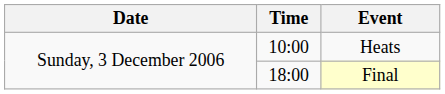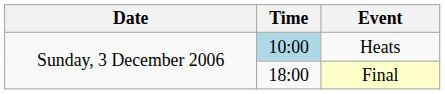 <table class = "wikitable" style="text-align:center;">
 <tr>
 <th width=220>Date</th>
 <th width=50>Time</th>
 <th width=100>Event</th>
 </tr>
 <tr>
 <td rowspan=2>Sunday, 3 December 2006</td>
-<td>10:00</td>
+<td style="background: lightblue;">10:00</td>
 <td>Heats</td>
 </tr>
 <tr>
 <td>18:00</td>
 <td bgcolor=ffffcc>Final</td>
 </tr>
 </table>
